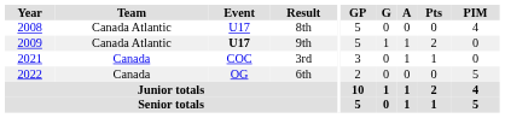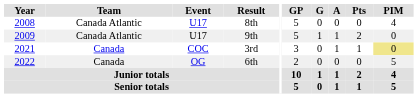 <table border="0" cellpadding="1" cellspacing="0" ID="Table3" style="text-align:center; width:40em">
 <tr ALIGN="center" bgcolor="#e0e0e0">
 <th>Year</th>
 <th>Team</th>
 <th>Event</th>
 <th>Result</th>
 <th rowspan="99" bgcolor="#ffffff"></th>
 <th>GP</th>
 <th>G</th>
 <th>A</th>
 <th>Pts</th>
 <th>PIM</th>
 </tr>
 <tr>
 <td><a href='#'>2008</a></td>
 <td>Canada Atlantic</td>
 <td><a href='#'>U17</a></td>
 <td>8th</td>
 <td>5</td>
 <td>0</td>
 <td>0</td>
 <td>0</td>
 <td>4</td>
 </tr>
 <tr bgcolor="#f0f0f0">
 <td><a href='#'>2009</a></td>
 <td>Canada Atlantic</td>
-<td><strong>U17</strong></td>
+<td>U17</td>
 <td>9th</td>
 <td>5</td>
 <td>1</td>
 <td>1</td>
 <td>2</td>
 <td>0</td>
 </tr>
 <tr>
 <td><a href='#'>2021</a></td>
 <td><a href='#'>Canada</a></td>
 <td><a href='#'>COC</a></td>
 <td>3rd</td>
 <td>3</td>
 <td>0</td>
 <td>1</td>
 <td>1</td>
-<td>0</td>
+<td style="background: khaki;">0</td>
 </tr>
 <tr bgcolor="#f0f0f0">
 <td><a href='#'>2022</a></td>
 <td>Canada</td>
 <td><a href='#'>OG</a></td>
 <td>6th</td>
 <td>2</td>
 <td>0</td>
 <td>0</td>
 <td>0</td>
 <td>5</td>
 </tr>
 <tr bgcolor="#e0e0e0">
 <th colspan="4">Junior totals</th>
 <th>10</th>
 <th>1</th>
 <th>1</th>
 <th>2</th>
 <th>4</th>
 </tr>
 <tr bgcolor="#e0e0e0">
 <th colspan="4">Senior totals</th>
 <th>5</th>
 <th>0</th>
 <th>1</th>
 <th>1</th>
 <th>5</th>
 </tr>
 </table>
